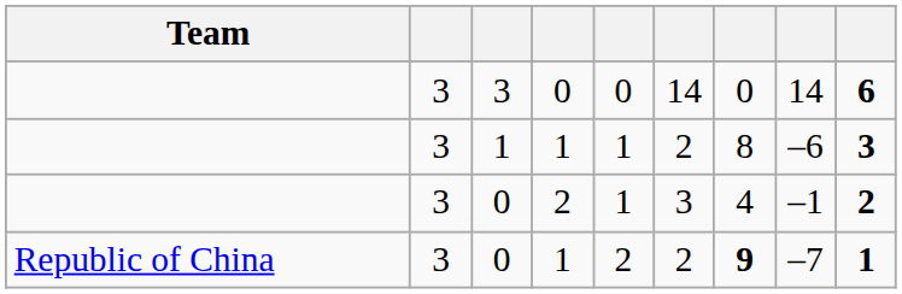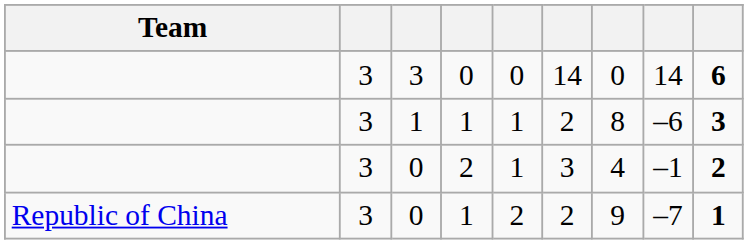 <table class=wikitable style="text-align:center">
 <tr>
 <th width="175">Team</th>
 <th width="20"></th>
 <th width="20"></th>
 <th width="20"></th>
 <th width="20"></th>
 <th width="20"></th>
 <th width="20"></th>
 <th width="20"></th>
 <th width="20"></th>
 </tr>
 <tr>
 <td align=left></td>
 <td>3</td>
 <td>3</td>
 <td>0</td>
 <td>0</td>
 <td>14</td>
 <td>0</td>
 <td>14</td>
 <td><strong>6</strong></td>
 </tr>
 <tr>
 <td align=left></td>
 <td>3</td>
 <td>1</td>
 <td>1</td>
 <td>1</td>
 <td>2</td>
 <td>8</td>
 <td>–6</td>
 <td><strong>3</strong></td>
 </tr>
 <tr>
 <td align=left></td>
 <td>3</td>
 <td>0</td>
 <td>2</td>
 <td>1</td>
 <td>3</td>
 <td>4</td>
 <td>–1</td>
 <td><strong>2</strong></td>
 </tr>
 <tr>
 <td align=left> <a href='#'>Republic of China</a></td>
 <td>3</td>
 <td>0</td>
 <td>1</td>
 <td>2</td>
 <td>2</td>
-<td><strong>9</strong></td>
+<td>9</td>
 <td>–7</td>
 <td><strong>1</strong></td>
 </tr>
 </table>
